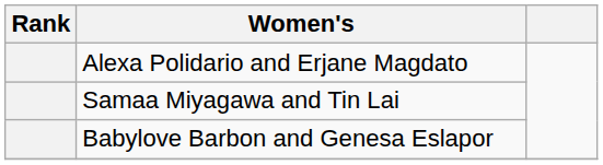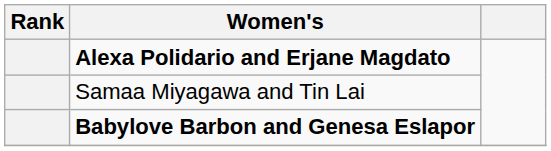 <table class="wikitable" style="text-align: center;">
 <tr>
 <th width=40>Rank</th>
 <th width=290>Women's</th>
 <th width=40></th>
 </tr>
 <tr>
 <th></th>
-<td style="text-align:left;">Alexa Polidario and Erjane Magdato </td>
+<td style="text-align:left;"><strong>Alexa Polidario and Erjane Magdato </strong></td>
 <td rowspan=3></td>
 </tr>
 <tr>
 <th></th>
 <td style="text-align:left;">Samaa Miyagawa and Tin Lai </td>
 </tr>
 <tr>
 <th></th>
-<td style="text-align:left;">Babylove Barbon and Genesa Eslapor </td>
+<td style="text-align:left;"><strong>Babylove Barbon and Genesa Eslapor </strong></td>
 </tr>
 <tr>
 </tr>
 </table>
